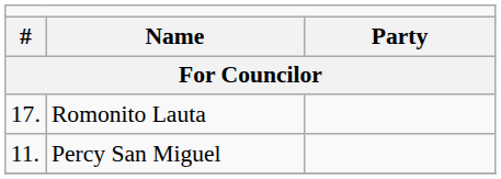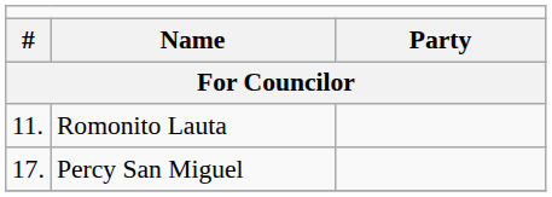 <table class="wikitable" style="font-size:90%">
 <tr>
 <td colspan="5"></td>
 </tr>
 <tr>
 <th>#</th>
 <th width="150px">Name</th>
 <th colspan="2" width="110px">Party</th>
 </tr>
 <tr>
 <th colspan="4">For Councilor</th>
 </tr>
 <tr>
-<td>17.</td>
+<td>11.</td>
 <td>Romonito Lauta</td>
 <td></td>
 </tr>
 <tr>
-<td>11.</td>
+<td>17.</td>
 <td>Percy San Miguel</td>
 <td></td>
 </tr>
 <tr>
 </tr>
 </table>
